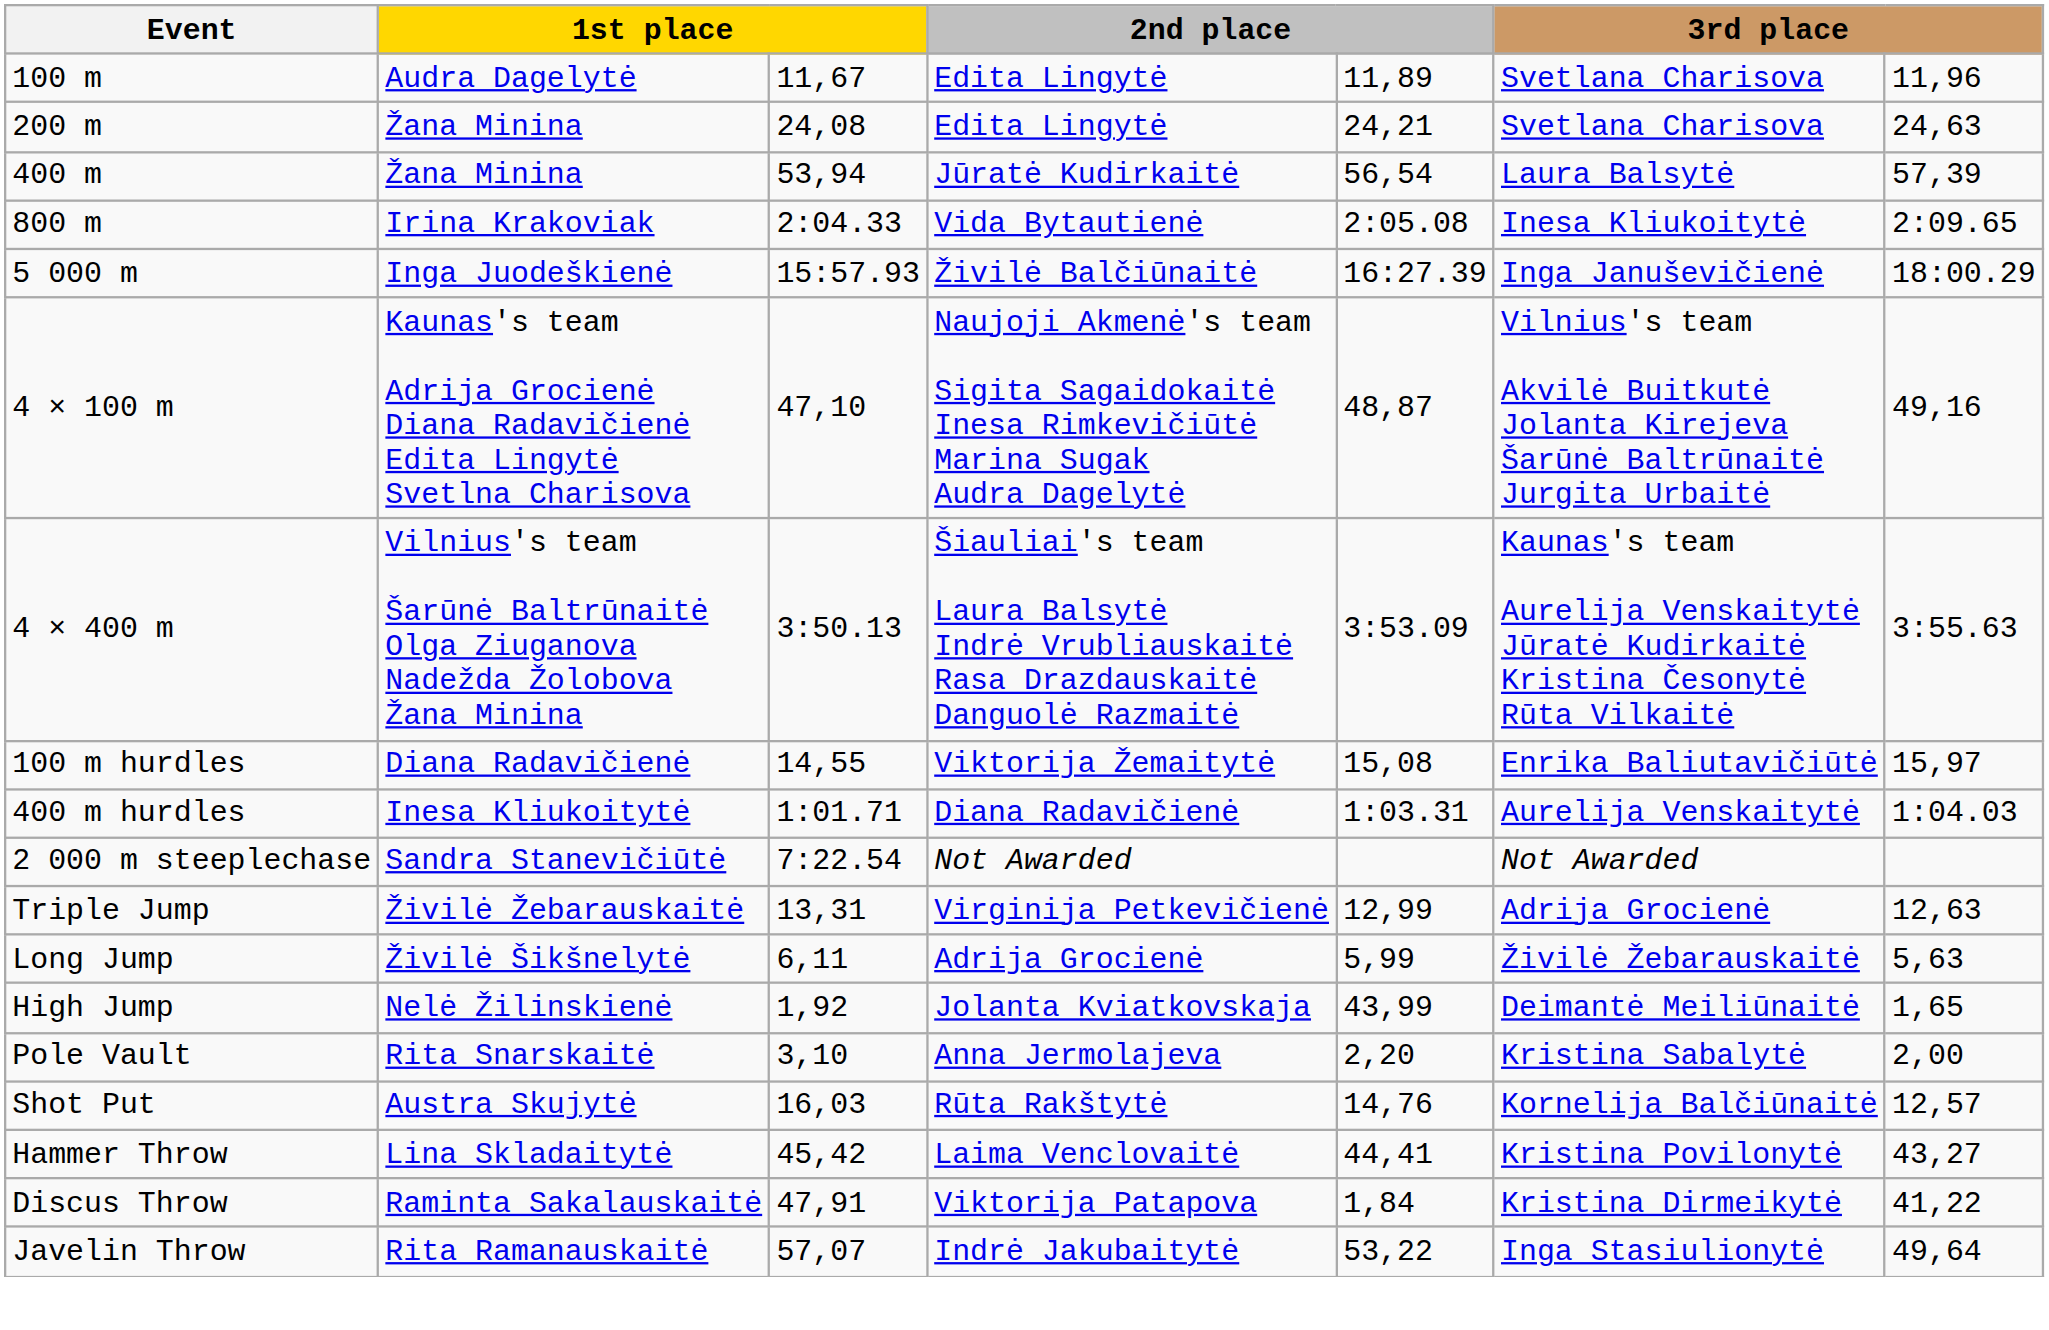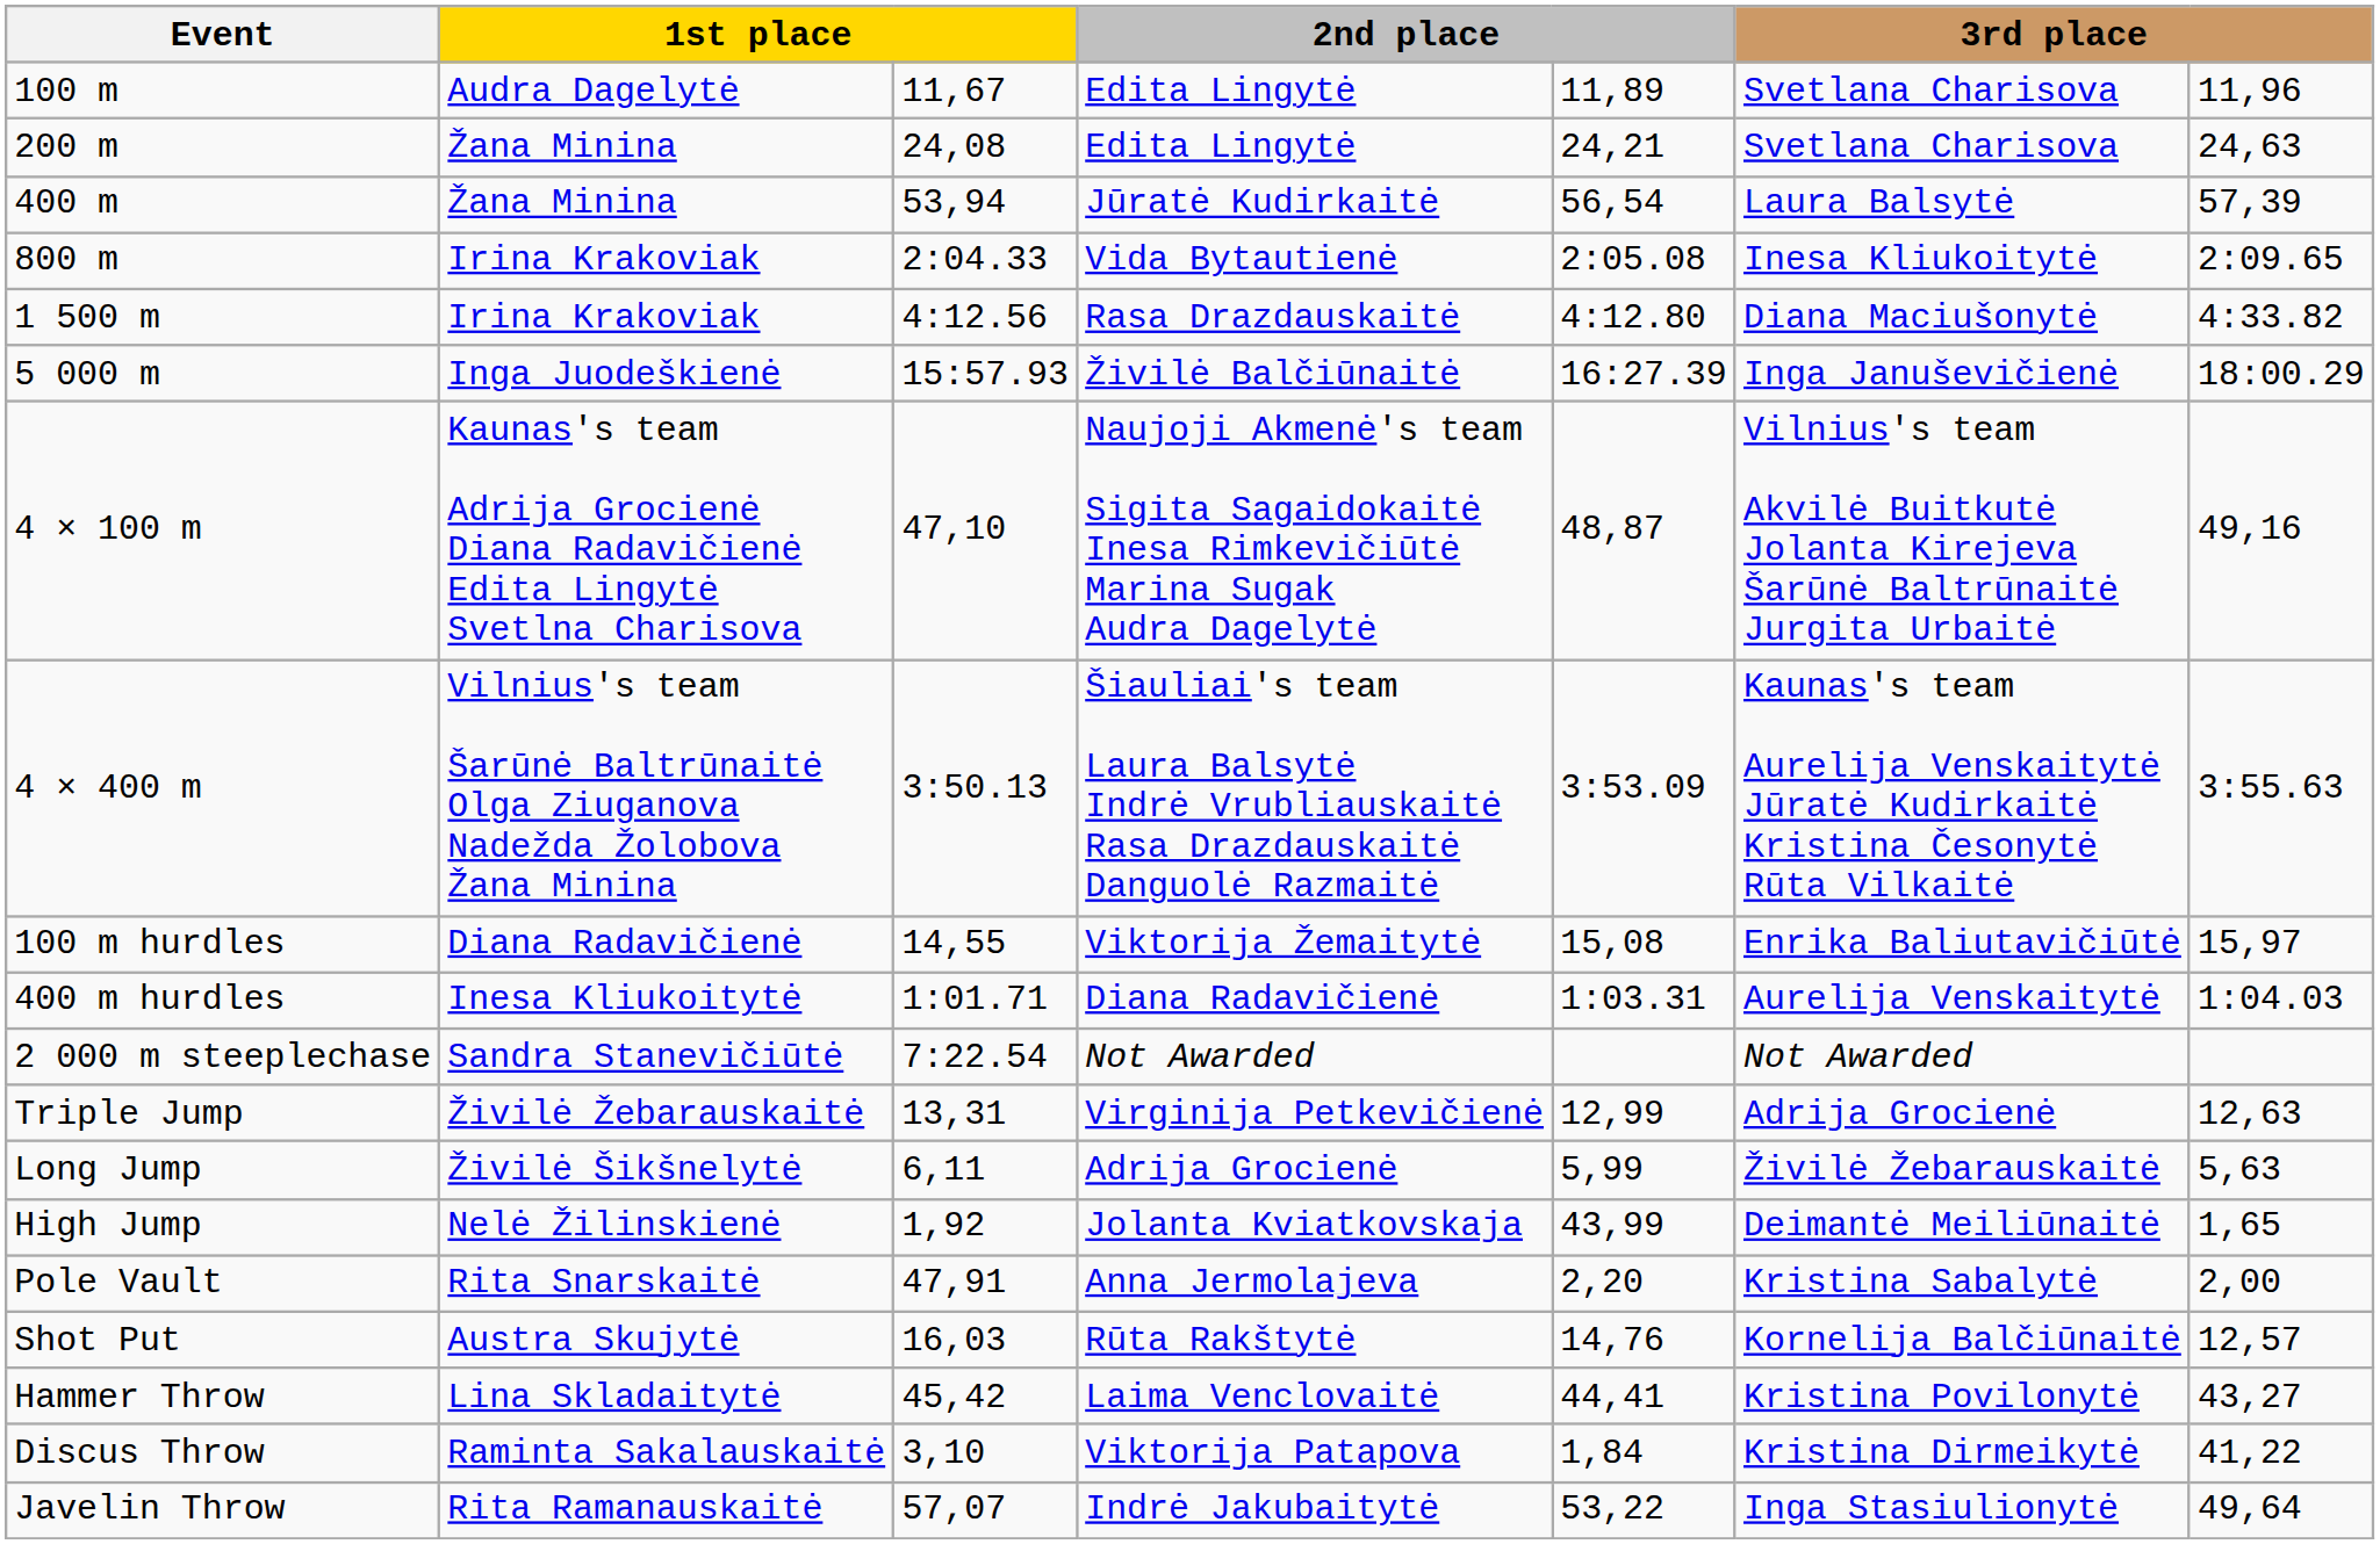 <table class="wikitable">
 <tr>
 <th>Event</th>
 <th style="background:gold;" colspan=2>1st place</th>
 <th style="background:silver;" colspan=2>2nd place</th>
 <th style="background:#CC9966;" colspan=2>3rd place</th>
 </tr>
 <tr>
 <td>100 m</td>
 <td><a href='#'>Audra Dagelytė</a></td>
 <td>11,67</td>
 <td><a href='#'>Edita Lingytė</a></td>
 <td>11,89</td>
 <td><a href='#'>Svetlana Charisova</a></td>
 <td>11,96</td>
 </tr>
 <tr>
 <td>200 m</td>
 <td><a href='#'>Žana Minina</a></td>
 <td>24,08</td>
 <td><a href='#'>Edita Lingytė</a></td>
 <td>24,21</td>
 <td><a href='#'>Svetlana Charisova</a></td>
 <td>24,63</td>
 </tr>
 <tr>
 <td>400 m</td>
 <td><a href='#'>Žana Minina</a></td>
 <td>53,94</td>
 <td><a href='#'>Jūratė Kudirkaitė</a></td>
 <td>56,54</td>
 <td><a href='#'>Laura Balsytė</a></td>
 <td>57,39</td>
 </tr>
 <tr>
 <td>800 m</td>
 <td><a href='#'>Irina Krakoviak</a></td>
 <td>2:04.33</td>
 <td><a href='#'>Vida Bytautienė</a></td>
 <td>2:05.08</td>
 <td><a href='#'>Inesa Kliukoitytė</a></td>
 <td>2:09.65</td>
+</tr>
+<tr>
+<td>1 500 m</td>
+<td><a href='#'>Irina Krakoviak</a></td>
+<td>4:12.56</td>
+<td><a href='#'>Rasa Drazdauskaitė</a></td>
+<td>4:12.80</td>
+<td><a href='#'>Diana Maciušonytė</a></td>
+<td>4:33.82</td>
 </tr>
 <tr>
 <td>5 000 m</td>
 <td><a href='#'>Inga Juodeškienė</a></td>
 <td>15:57.93</td>
 <td><a href='#'>Živilė Balčiūnaitė</a></td>
 <td>16:27.39</td>
 <td><a href='#'>Inga Januševičienė</a></td>
 <td>18:00.29</td>
 </tr>
 <tr>
 <td>4 × 100 m</td>
 <td><a href='#'>Kaunas</a>'s team <br><br><a href='#'>Adrija Grocienė</a> <br> <a href='#'>Diana Radavičienė</a> <br> <a href='#'>Edita Lingytė</a> <br> <a href='#'>Svetlna Charisova</a></td>
 <td>47,10</td>
 <td><a href='#'>Naujoji Akmenė</a>'s team<br><br><a href='#'>Sigita Sagaidokaitė</a> <br> <a href='#'>Inesa Rimkevičiūtė</a> <br> <a href='#'>Marina Sugak</a> <br> <a href='#'>Audra Dagelytė</a></td>
 <td>48,87</td>
 <td><a href='#'>Vilnius</a>'s team <br><br><a href='#'>Akvilė Buitkutė</a> <br> <a href='#'>Jolanta Kirejeva</a> <br> <a href='#'>Šarūnė Baltrūnaitė</a> <br> <a href='#'>Jurgita Urbaitė</a></td>
 <td>49,16</td>
 </tr>
 <tr>
 <td>4 × 400 m</td>
 <td><a href='#'>Vilnius</a>'s team <br><br><a href='#'>Šarūnė Baltrūnaitė</a> <br> <a href='#'>Olga Ziuganova</a> <br> <a href='#'>Nadežda Žolobova</a> <br> <a href='#'>Žana Minina</a></td>
 <td>3:50.13</td>
 <td><a href='#'>Šiauliai</a>'s team <br><br><a href='#'>Laura Balsytė</a> <br> <a href='#'>Indrė Vrubliauskaitė</a> <br> <a href='#'>Rasa Drazdauskaitė</a> <br> <a href='#'>Danguolė Razmaitė</a></td>
 <td>3:53.09</td>
 <td><a href='#'>Kaunas</a>'s team <br><br><a href='#'>Aurelija Venskaitytė</a> <br> <a href='#'>Jūratė Kudirkaitė</a> <br> <a href='#'>Kristina Česonytė</a> <br> <a href='#'>Rūta Vilkaitė</a></td>
 <td>3:55.63</td>
 </tr>
 <tr>
 <td>100 m hurdles</td>
 <td><a href='#'>Diana Radavičienė</a></td>
 <td>14,55</td>
 <td><a href='#'>Viktorija Žemaitytė</a></td>
 <td>15,08</td>
 <td><a href='#'>Enrika Baliutavičiūtė</a></td>
 <td>15,97</td>
 </tr>
 <tr>
 <td>400 m hurdles</td>
 <td><a href='#'>Inesa Kliukoitytė</a></td>
 <td>1:01.71</td>
 <td><a href='#'>Diana Radavičienė</a></td>
 <td>1:03.31</td>
 <td><a href='#'>Aurelija Venskaitytė</a></td>
 <td>1:04.03</td>
 </tr>
 <tr>
 <td>2 000 m steeplechase</td>
 <td><a href='#'>Sandra Stanevičiūtė</a></td>
 <td>7:22.54</td>
 <td><em>Not Awarded</em></td>
 <td></td>
 <td><em>Not Awarded</em></td>
 <td></td>
 </tr>
 <tr>
 <td>Triple Jump</td>
 <td><a href='#'>Živilė Žebarauskaitė</a></td>
 <td>13,31</td>
 <td><a href='#'>Virginija Petkevičienė</a></td>
 <td>12,99</td>
 <td><a href='#'>Adrija Grocienė</a></td>
 <td>12,63</td>
 </tr>
 <tr>
 <td>Long Jump</td>
 <td><a href='#'>Živilė Šikšnelytė</a></td>
 <td>6,11</td>
 <td><a href='#'>Adrija Grocienė</a></td>
 <td>5,99</td>
 <td><a href='#'>Živilė Žebarauskaitė</a></td>
 <td>5,63</td>
 </tr>
 <tr>
 <td>High Jump</td>
 <td><a href='#'>Nelė Žilinskienė</a></td>
 <td>1,92</td>
 <td><a href='#'>Jolanta Kviatkovskaja</a></td>
 <td>43,99</td>
 <td><a href='#'>Deimantė Meiliūnaitė</a></td>
 <td>1,65</td>
 </tr>
 <tr>
 <td>Pole Vault</td>
 <td><a href='#'>Rita Snarskaitė</a></td>
-<td>3,10</td>
+<td>47,91</td>
 <td><a href='#'>Anna Jermolajeva</a></td>
 <td>2,20</td>
 <td><a href='#'>Kristina Sabalytė</a></td>
 <td>2,00</td>
 </tr>
 <tr>
 <td>Shot Put</td>
 <td><a href='#'>Austra Skujytė</a></td>
 <td>16,03</td>
 <td><a href='#'>Rūta Rakštytė</a></td>
 <td>14,76</td>
 <td><a href='#'>Kornelija Balčiūnaitė</a></td>
 <td>12,57</td>
 </tr>
 <tr>
 <td>Hammer Throw</td>
 <td><a href='#'>Lina Skladaitytė</a></td>
 <td>45,42</td>
 <td><a href='#'>Laima Venclovaitė</a></td>
 <td>44,41</td>
 <td><a href='#'>Kristina Povilonytė</a></td>
 <td>43,27</td>
 </tr>
 <tr>
 <td>Discus Throw</td>
 <td><a href='#'>Raminta Sakalauskaitė</a></td>
-<td>47,91</td>
+<td>3,10</td>
 <td><a href='#'>Viktorija Patapova</a></td>
 <td>1,84</td>
 <td><a href='#'>Kristina Dirmeikytė</a></td>
 <td>41,22</td>
 </tr>
 <tr>
 <td>Javelin Throw</td>
 <td><a href='#'>Rita Ramanauskaitė</a></td>
 <td>57,07</td>
 <td><a href='#'>Indrė Jakubaitytė</a></td>
 <td>53,22</td>
 <td><a href='#'>Inga Stasiulionytė</a></td>
 <td>49,64</td>
 </tr>
 </table>
